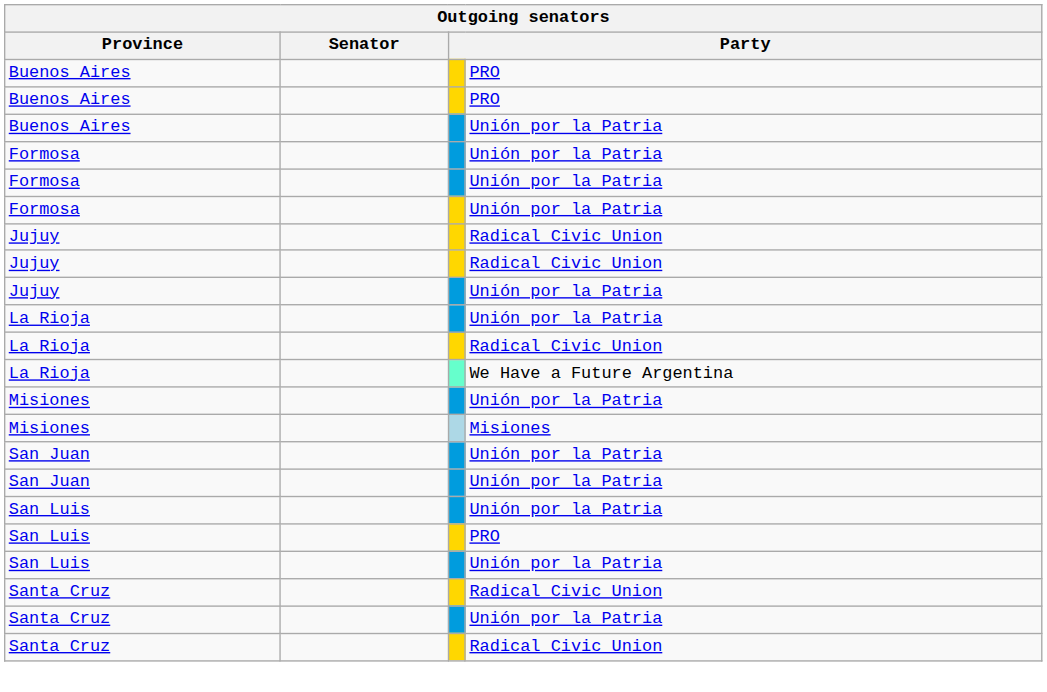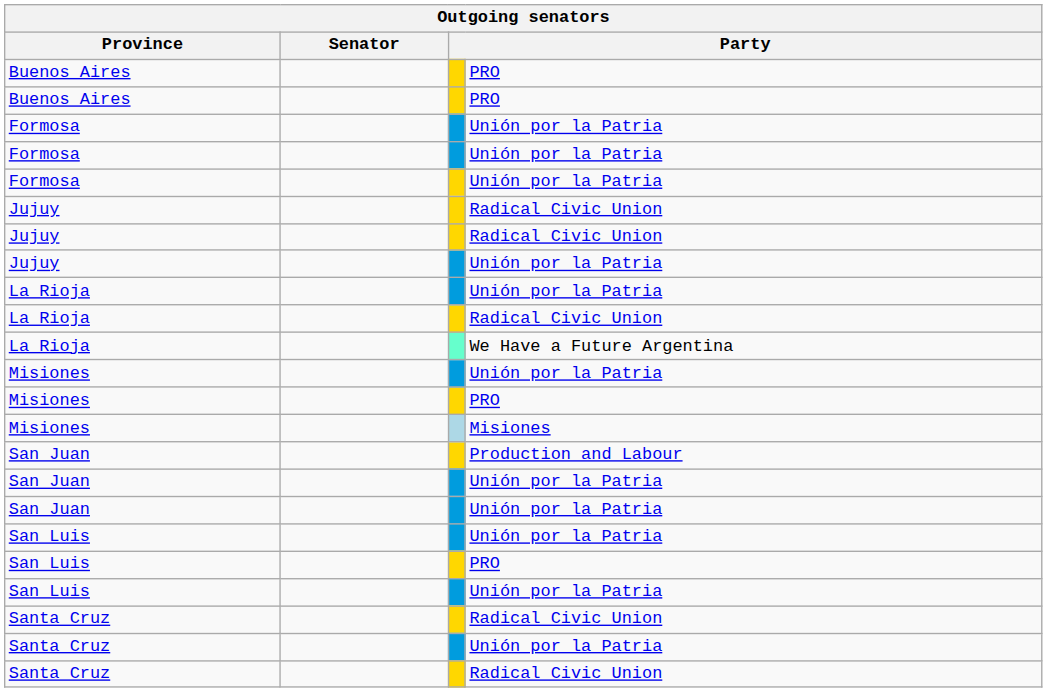 <table class="sortable wikitable collapsible collapsed" width=60% style="font-size:95%;line-height:14px;">
 <tr>
 <th width=60% colspan=4>Outgoing senators</th>
 </tr>
 <tr>
 <th>Province</th>
 <th>Senator</th>
 <th colspan=2>Party</th>
 </tr>
 <tr>
 <td><a href='#'>Buenos Aires</a></td>
 <td></td>
 <td style="background-color: #FFD700"></td>
 <td><a href='#'>PRO</a></td>
 </tr>
 <tr>
 <td><a href='#'>Buenos Aires</a></td>
 <td></td>
 <td style="background-color: #FFD700"></td>
 <td><a href='#'>PRO</a></td>
-</tr>
-<tr>
-<td><a href='#'>Buenos Aires</a></td>
-<td></td>
-<td style="background-color: #009cde" width=1%></td>
-<td><a href='#'>Unión por la Patria</a></td>
 </tr>
 <tr>
 <td><a href='#'>Formosa</a></td>
 <td></td>
 <td style="background-color: #009cde" width=1%></td>
 <td><a href='#'>Unión por la Patria</a></td>
 </tr>
 <tr>
 <td><a href='#'>Formosa</a></td>
 <td></td>
 <td style="background-color: #009cde" width=1%></td>
 <td><a href='#'>Unión por la Patria</a></td>
 </tr>
 <tr>
 <td><a href='#'>Formosa</a></td>
 <td></td>
 <td style="background-color: #FFD700"></td>
 <td><a href='#'>Unión por la Patria</a></td>
 </tr>
 <tr>
 <td><a href='#'>Jujuy</a></td>
 <td></td>
 <td style="background-color: #FFD700"></td>
 <td><a href='#'>Radical Civic Union</a></td>
 </tr>
 <tr>
 <td><a href='#'>Jujuy</a></td>
 <td></td>
 <td style="background-color: #FFD700"></td>
 <td><a href='#'>Radical Civic Union</a></td>
 </tr>
 <tr>
 <td><a href='#'>Jujuy</a></td>
 <td></td>
 <td style="background-color: #009cde" width=1%></td>
 <td><a href='#'>Unión por la Patria</a></td>
 </tr>
 <tr>
 <td><a href='#'>La Rioja</a></td>
 <td></td>
 <td style="background-color: #009cde" width=1%></td>
 <td><a href='#'>Unión por la Patria</a></td>
 </tr>
 <tr>
 <td><a href='#'>La Rioja</a></td>
 <td></td>
 <td style="background-color: #FFD700"></td>
 <td><a href='#'>Radical Civic Union</a></td>
 </tr>
 <tr>
 <td><a href='#'>La Rioja</a></td>
 <td></td>
 <td bgcolor=#66ffcc></td>
 <td>We Have a Future Argentina</td>
 </tr>
 <tr>
 <td><a href='#'>Misiones</a></td>
 <td></td>
 <td style="background-color: #009cde" width=1%></td>
 <td><a href='#'>Unión por la Patria</a></td>
 </tr>
 <tr>
 <td><a href='#'>Misiones</a></td>
 <td></td>
+<td style="background-color: #FFD700"></td>
+<td><a href='#'>PRO</a></td>
+</tr>
+<tr>
+<td><a href='#'>Misiones</a></td>
+<td></td>
 <td style="background-color: #add8e6"></td>
 <td><a href='#'>Misiones</a></td>
+</tr>
+<tr>
+<td><a href='#'>San Juan</a></td>
+<td></td>
+<td style="background-color: #FFD700"></td>
+<td><a href='#'>Production and Labour</a></td>
 </tr>
 <tr>
 <td><a href='#'>San Juan</a></td>
 <td></td>
 <td style="background-color: #009cde" width=1%></td>
 <td><a href='#'>Unión por la Patria</a></td>
 </tr>
 <tr>
 <td><a href='#'>San Juan</a></td>
 <td></td>
 <td style="background-color: #009cde" width=1%></td>
 <td><a href='#'>Unión por la Patria</a></td>
 </tr>
 <tr>
 <td><a href='#'>San Luis</a></td>
 <td></td>
 <td style="background-color: #009cde" width=1%></td>
 <td><a href='#'>Unión por la Patria</a></td>
 </tr>
 <tr>
 <td><a href='#'>San Luis</a></td>
 <td></td>
 <td style="background-color: #FFD700"></td>
 <td><a href='#'>PRO</a></td>
 </tr>
 <tr>
 <td><a href='#'>San Luis</a></td>
 <td></td>
 <td style="background-color: #009cde" width=1%></td>
 <td><a href='#'>Unión por la Patria</a></td>
 </tr>
 <tr>
 <td><a href='#'>Santa Cruz</a></td>
 <td></td>
 <td style="background-color: #FFD700"></td>
 <td><a href='#'>Radical Civic Union</a></td>
 </tr>
 <tr>
 <td><a href='#'>Santa Cruz</a></td>
 <td></td>
 <td style="background-color: #009cde" width=1%></td>
 <td><a href='#'>Unión por la Patria</a></td>
 </tr>
 <tr>
 <td><a href='#'>Santa Cruz</a></td>
 <td></td>
 <td style="background-color: #FFD700"></td>
 <td><a href='#'>Radical Civic Union</a></td>
 </tr>
 </table>
